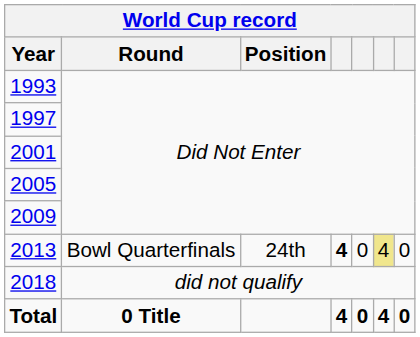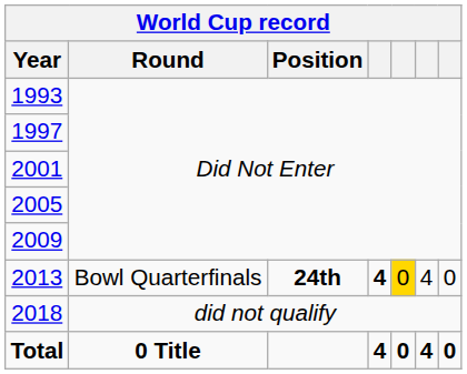 <table class="wikitable" style="text-align: center;">
 <tr>
 <th colspan=10><a href='#'>World Cup record</a></th>
 </tr>
 <tr>
 <th>Year</th>
 <th>Round</th>
 <th>Position</th>
 <th></th>
 <th></th>
 <th></th>
 <th></th>
 </tr>
 <tr>
 <td> <a href='#'>1993</a></td>
 <td colspan="6" rowspan=5><em>Did Not Enter</em></td>
 </tr>
 <tr>
 <td> <a href='#'>1997</a></td>
 </tr>
 <tr>
 <td> <a href='#'>2001</a></td>
 </tr>
 <tr>
 <td> <a href='#'>2005</a></td>
 </tr>
 <tr>
 <td> <a href='#'>2009</a></td>
 </tr>
 <tr>
 <td> <a href='#'>2013</a></td>
 <td>Bowl Quarterfinals</td>
-<td>24th</td>
+<td><strong>24th</strong></td>
 <td><strong>4</strong></td>
-<td>0</td>
-<td style="background: khaki;">4</td>
+<td style="background: gold;">0</td>
+<td>4</td>
 <td>0</td>
 </tr>
 <tr>
 <td> <a href='#'>2018</a></td>
 <td colspan="6"><em>did not qualify</em></td>
 </tr>
 <tr>
 <td colspan=1><strong>Total</strong></td>
 <td><strong>0 Title</strong></td>
 <td></td>
 <td><strong>4</strong></td>
 <td><strong>0</strong></td>
 <td><strong>4</strong></td>
 <td><strong>0</strong></td>
 </tr>
 </table>
